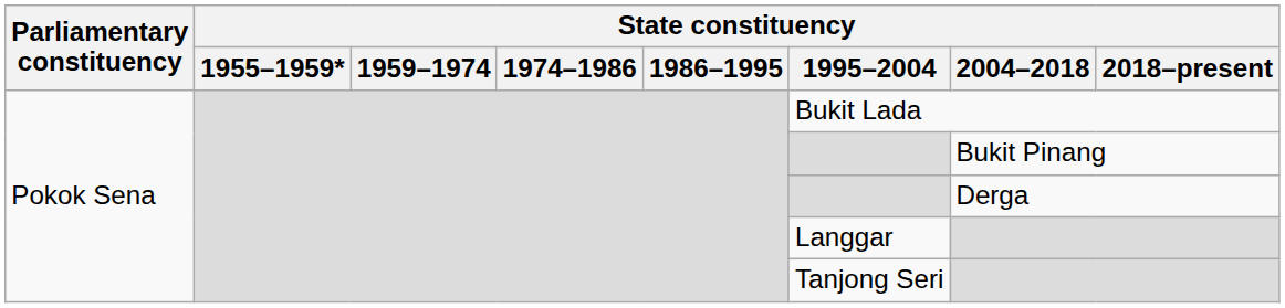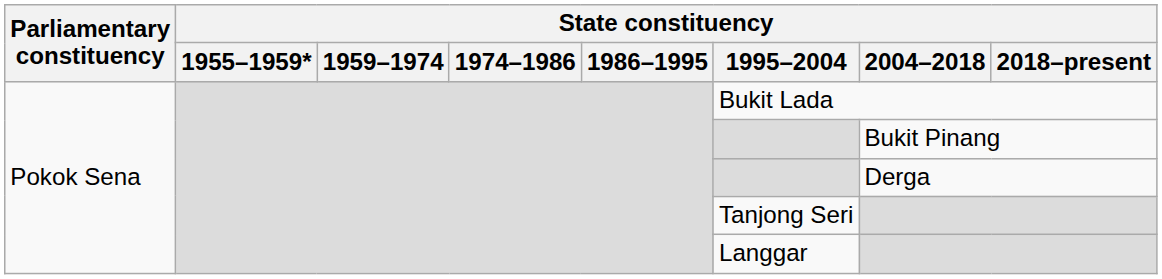 <table class="wikitable">
 <tr>
 <th rowspan="2">Parliamentary<br>constituency</th>
 <th colspan="7">State constituency</th>
 </tr>
 <tr>
 <th>1955–1959*</th>
 <th>1959–1974</th>
 <th>1974–1986</th>
 <th>1986–1995</th>
 <th>1995–2004</th>
 <th>2004–2018</th>
 <th>2018–present</th>
 </tr>
 <tr>
 <td rowspan="5">Pokok Sena</td>
 <td colspan="4" rowspan="5" bgcolor="dcdcdc"></td>
 <td colspan="3">Bukit Lada</td>
 </tr>
 <tr>
 <td bgcolor="dcdcdc"></td>
 <td colspan="2">Bukit Pinang</td>
 </tr>
 <tr>
 <td bgcolor="dcdcdc"></td>
 <td colspan="2">Derga</td>
 </tr>
 <tr>
+<td>Tanjong Seri</td>
+<td colspan="2" bgcolor="dcdcdc"></td>
+</tr>
+<tr>
 <td>Langgar</td>
 <td colspan="2" bgcolor="dcdcdc"></td>
 </tr>
-<tr>
-<td>Tanjong Seri</td>
-<td colspan="2" bgcolor="dcdcdc"></td>
-</tr>
 </table>
